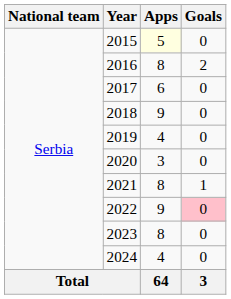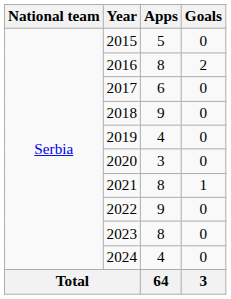 <table class="wikitable" style="text-align:center">
 <tr>
 <th>National team</th>
 <th>Year</th>
 <th>Apps</th>
 <th>Goals</th>
 </tr>
 <tr>
 <td rowspan="10"><a href='#'>Serbia</a></td>
 <td>2015</td>
-<td style="background: lightyellow;">5</td>
+<td>5</td>
 <td>0</td>
 </tr>
 <tr>
 <td>2016</td>
 <td>8</td>
 <td>2</td>
 </tr>
 <tr>
 <td>2017</td>
 <td>6</td>
 <td>0</td>
 </tr>
 <tr>
 <td>2018</td>
 <td>9</td>
 <td>0</td>
 </tr>
 <tr>
 <td>2019</td>
 <td>4</td>
 <td>0</td>
 </tr>
 <tr>
 <td>2020</td>
 <td>3</td>
 <td>0</td>
 </tr>
 <tr>
 <td>2021</td>
 <td>8</td>
 <td>1</td>
 </tr>
 <tr>
 <td>2022</td>
 <td>9</td>
-<td style="background: pink;">0</td>
+<td>0</td>
 </tr>
 <tr>
 <td>2023</td>
 <td>8</td>
 <td>0</td>
 </tr>
 <tr>
 <td>2024</td>
 <td>4</td>
 <td>0</td>
 </tr>
 <tr>
 <th colspan="2">Total</th>
 <th>64</th>
 <th>3</th>
 </tr>
 </table>
